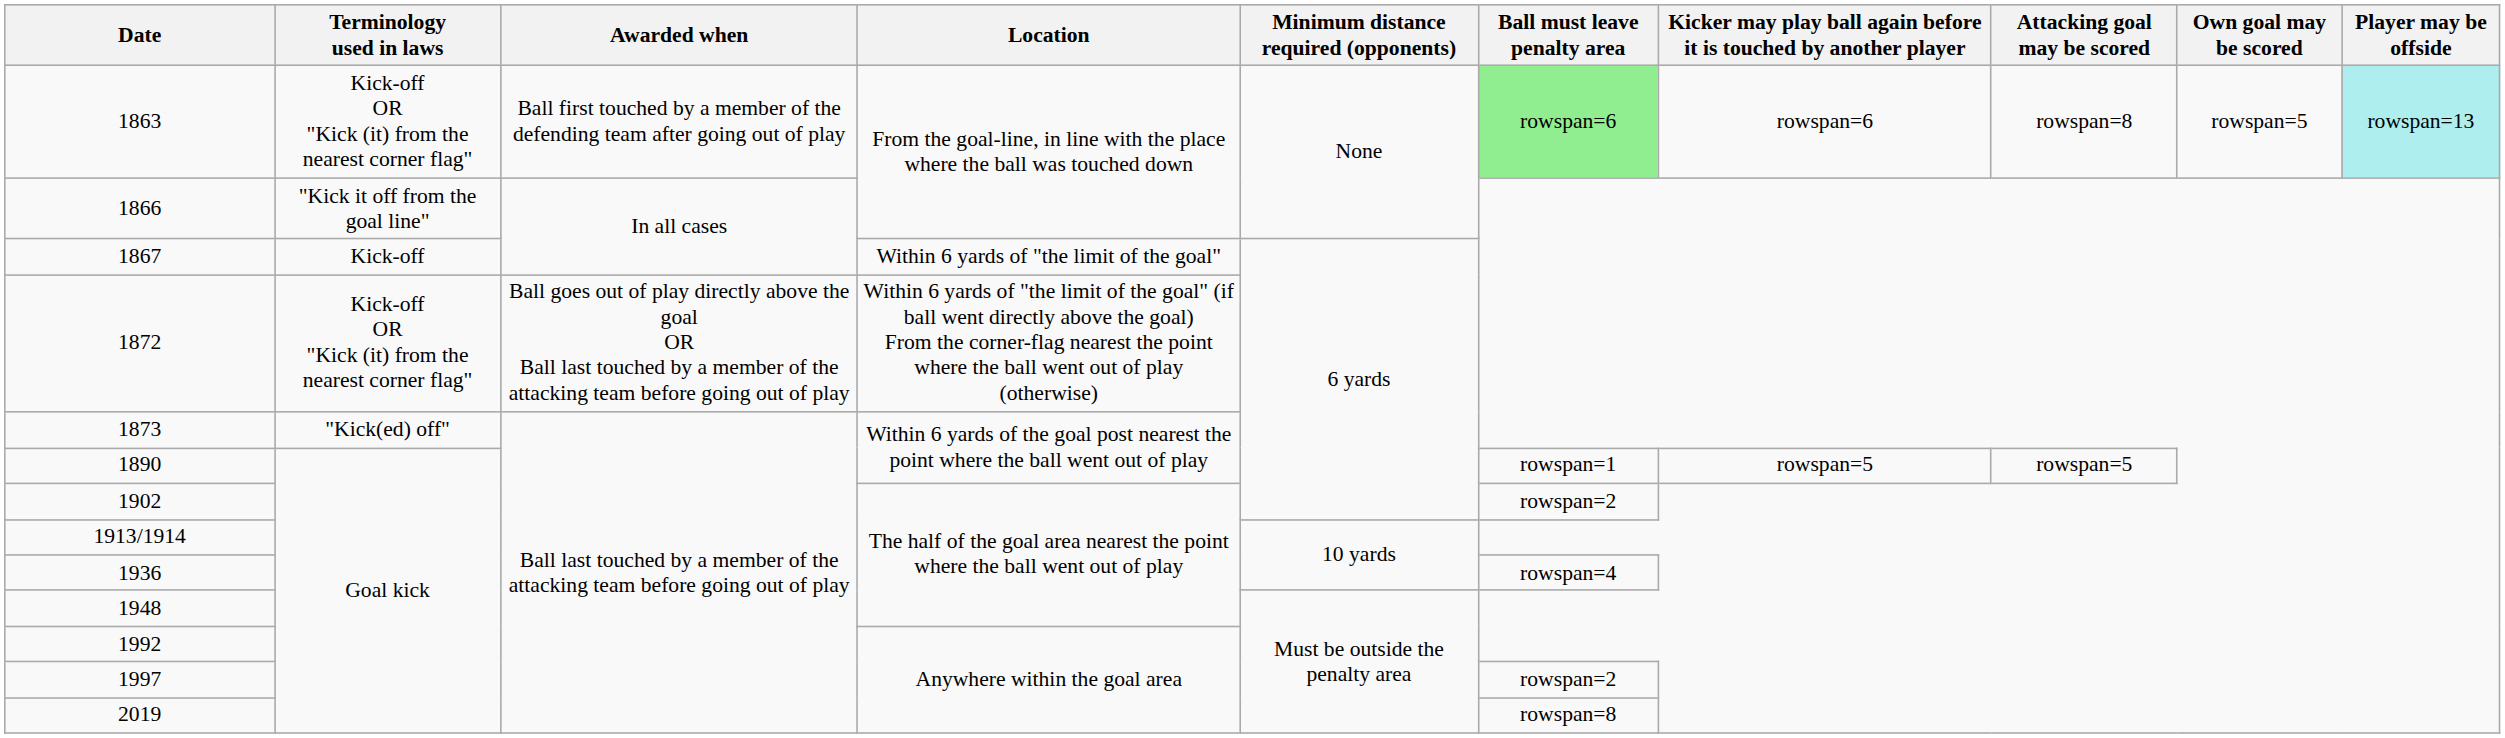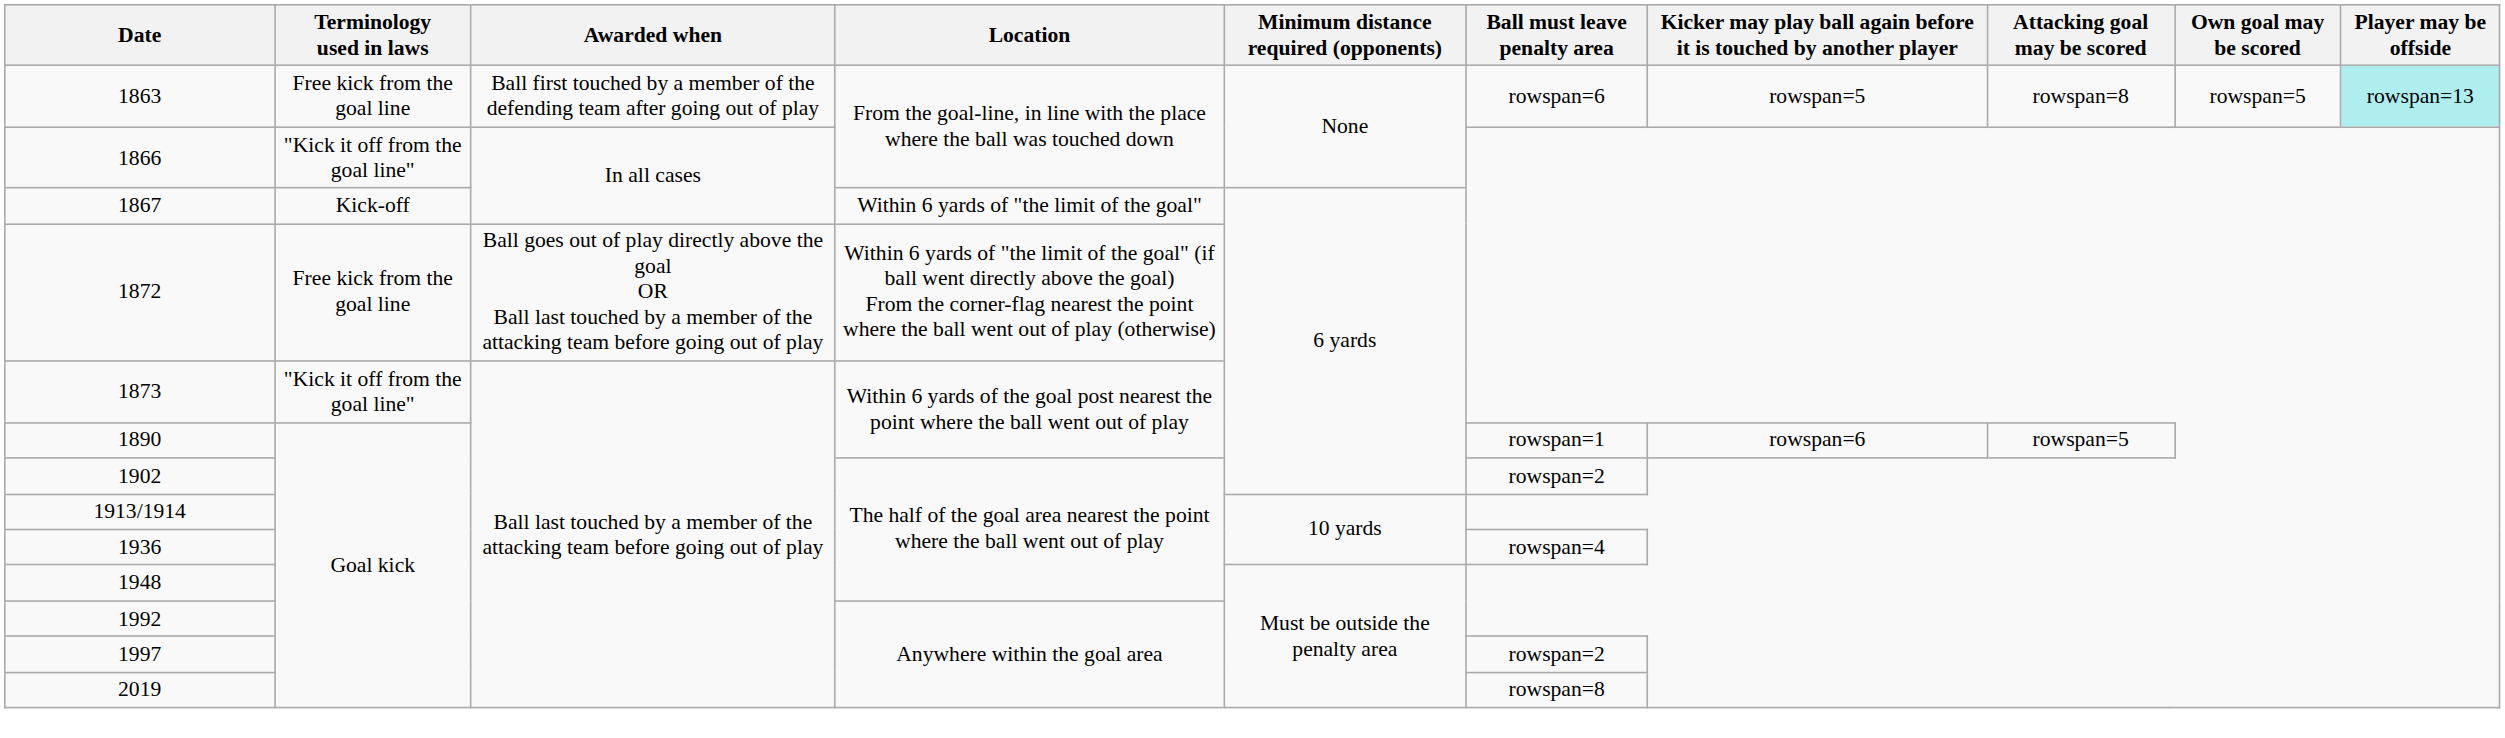 <table class="wikitable sortable" style="text-align: center; font-size: 85%; width: auto; table-layout: fixed;">
 <tr>
 <th style="width: 12em">Date</th>
 <th>Terminology <br> used in laws</th>
 <th>Awarded when</th>
 <th>Location</th>
 <th>Minimum distance required (opponents)</th>
 <th>Ball must leave penalty area</th>
 <th>Kicker may play ball again before it is touched by another player</th>
 <th>Attacking goal may be scored</th>
 <th>Own goal may be scored</th>
 <th>Player may be offside</th>
 </tr>
 <tr>
 <td>1863</td>
-<td rowspan=1>Kick-off<br>OR<br>"Kick (it) from the nearest corner flag"</td>
+<td rowspan=1>Free kick from the goal line</td>
 <td rowspan=1>Ball first touched by a member of the defending team after going out of play</td>
 <td rowspan=2>From the goal-line, in line with the place where the ball was touched down</td>
 <td rowspan=2>None</td>
-<td style="background: lightgreen;">rowspan=6 </td>
 <td>rowspan=6 </td>
+<td>rowspan=5 </td>
 <td>rowspan=8 </td>
 <td>rowspan=5 </td>
 <td style="background: paleturquoise;">rowspan=13 </td>
 </tr>
 <tr>
 <td>1866</td>
 <td rowspan=1>"Kick it off from the goal line"</td>
 <td rowspan=2>In all cases</td>
 </tr>
 <tr>
 <td>1867</td>
 <td rowspan=1>Kick-off</td>
 <td rowspan=1>Within 6 yards of "the limit of the goal"</td>
 <td rowspan=5>6 yards</td>
 </tr>
 <tr>
 <td>1872</td>
-<td rowspan=1>Kick-off<br>OR<br>"Kick (it) from the nearest corner flag"</td>
+<td rowspan=1>Free kick from the goal line</td>
 <td rowspan=1>Ball goes out of play directly above the goal<br>OR<br>Ball last touched by a member of the attacking team before going out of play</td>
 <td rowspan=1>Within 6 yards of "the limit of the goal" (if ball went directly above the goal)<br>From the corner-flag nearest the point where the ball went out of play (otherwise)</td>
 </tr>
 <tr>
 <td>1873</td>
-<td rowspan=1>"Kick(ed) off"</td>
+<td rowspan=1>"Kick it off from the goal line"</td>
 <td rowspan=9>Ball last touched by a member of the attacking team before going out of play</td>
 <td rowspan=2>Within 6 yards of the goal post nearest the point where the ball went out of play</td>
 </tr>
 <tr>
 <td>1890</td>
 <td rowspan=8>Goal kick</td>
 <td>rowspan=1 </td>
-<td>rowspan=5 </td>
+<td>rowspan=6 </td>
 <td>rowspan=5 </td>
 </tr>
 <tr>
 <td>1902</td>
 <td rowspan=4>The half of the goal area nearest the point where the ball went out of play</td>
 <td>rowspan=2 </td>
 </tr>
 <tr>
 <td>1913/1914</td>
 <td rowspan=2>10 yards</td>
 </tr>
 <tr>
 <td>1936</td>
 <td>rowspan=4 </td>
 </tr>
 <tr>
 <td>1948</td>
 <td rowspan=4>Must be outside the penalty area</td>
 </tr>
 <tr>
 <td>1992</td>
 <td rowspan=3>Anywhere within the goal area</td>
 </tr>
 <tr>
 <td>1997</td>
 <td>rowspan=2 </td>
 </tr>
 <tr>
 <td>2019</td>
 <td>rowspan=8 </td>
 </tr>
 </table>
